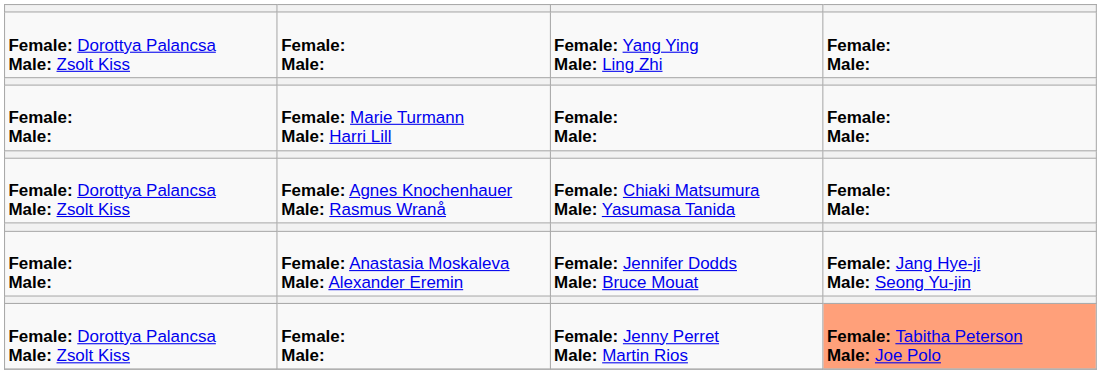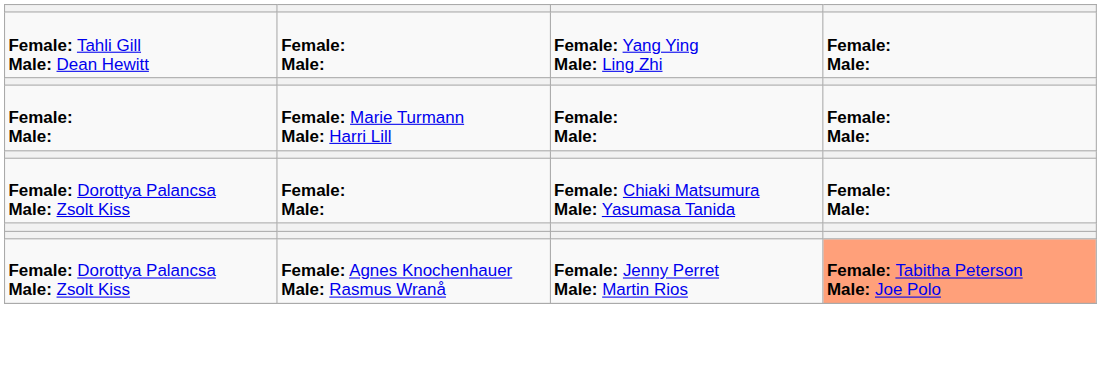 <table class=wikitable>
 <tr>
 <th width=250></th>
 <th width=250></th>
 <th width=250></th>
 <th width=250></th>
 </tr>
 <tr>
-<td><br><strong>Female:</strong> <a href='#'>Dorottya Palancsa</a><br> <strong>Male:</strong> <a href='#'>Zsolt Kiss</a><br></td>
+<td><br><strong>Female:</strong> <a href='#'>Tahli Gill</a><br> <strong>Male:</strong> <a href='#'>Dean Hewitt</a><br></td>
 <td><br><strong>Female:</strong><br> <strong>Male:</strong><br></td>
 <td><br><strong>Female:</strong> <a href='#'>Yang Ying</a><br> <strong>Male:</strong> <a href='#'>Ling Zhi</a><br></td>
 <td><br><strong>Female:</strong><br> <strong>Male:</strong><br></td>
 </tr>
 <tr>
 <th width=250></th>
 <th width=250></th>
 <th width=250></th>
 <th width=250></th>
 </tr>
 <tr>
 <td><br><strong>Female:</strong><br> <strong>Male:</strong><br></td>
 <td><br><strong>Female:</strong> <a href='#'>Marie Turmann</a><br> <strong>Male:</strong> <a href='#'>Harri Lill</a><br></td>
 <td><br><strong>Female:</strong><br> <strong>Male:</strong><br></td>
 <td><br><strong>Female:</strong><br> <strong>Male:</strong><br></td>
 </tr>
 <tr>
 <th width=250></th>
 <th width=250></th>
 <th width=250></th>
 <th width=250></th>
 </tr>
 <tr>
 <td><br><strong>Female:</strong> <a href='#'>Dorottya Palancsa</a><br> <strong>Male:</strong> <a href='#'>Zsolt Kiss</a><br></td>
-<td><br><strong>Female:</strong> <a href='#'>Agnes Knochenhauer</a><br> <strong>Male:</strong> <a href='#'>Rasmus Wranå</a><br></td>
+<td><br><strong>Female:</strong><br> <strong>Male:</strong><br></td>
 <td><br><strong>Female:</strong> <a href='#'>Chiaki Matsumura</a><br> <strong>Male:</strong> <a href='#'>Yasumasa Tanida</a><br></td>
 <td><br><strong>Female:</strong><br> <strong>Male:</strong><br></td>
 </tr>
 <tr>
 <th width=250></th>
 <th width=250></th>
 <th width=250></th>
 <th width=250></th>
 </tr>
 <tr>
-<td><br><strong>Female:</strong><br> <strong>Male:</strong><br></td>
-<td><br><strong>Female:</strong> <a href='#'>Anastasia Moskaleva</a><br> <strong>Male:</strong> <a href='#'>Alexander Eremin</a><br></td>
-<td><br><strong>Female:</strong> <a href='#'>Jennifer Dodds</a><br> <strong>Male:</strong> <a href='#'>Bruce Mouat</a><br></td>
-<td><br><strong>Female:</strong> <a href='#'>Jang Hye-ji</a><br> <strong>Male:</strong> <a href='#'>Seong Yu-jin</a><br></td>
-</tr>
-<tr>
 <th width=250></th>
 <th width=250></th>
 <th width=250></th>
 <th width=250></th>
 </tr>
 <tr>
 <td><br><strong>Female:</strong> <a href='#'>Dorottya Palancsa</a><br> <strong>Male:</strong> <a href='#'>Zsolt Kiss</a><br></td>
-<td><br><strong>Female:</strong><br> <strong>Male:</strong><br></td>
+<td><br><strong>Female:</strong> <a href='#'>Agnes Knochenhauer</a><br> <strong>Male:</strong> <a href='#'>Rasmus Wranå</a><br></td>
 <td><br><strong>Female:</strong> <a href='#'>Jenny Perret</a><br> <strong>Male:</strong> <a href='#'>Martin Rios</a><br></td>
 <td style="background: lightsalmon;"><br><strong>Female:</strong> <a href='#'>Tabitha Peterson</a><br> <strong>Male:</strong> <a href='#'>Joe Polo</a><br></td>
 </tr>
 <tr>
 </tr>
 </table>
